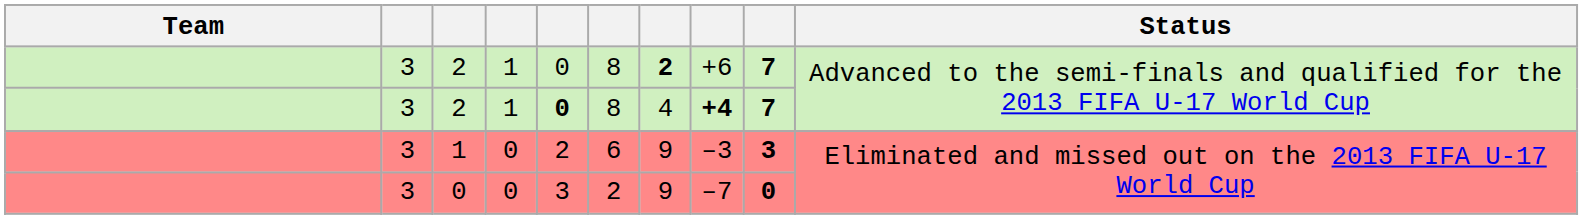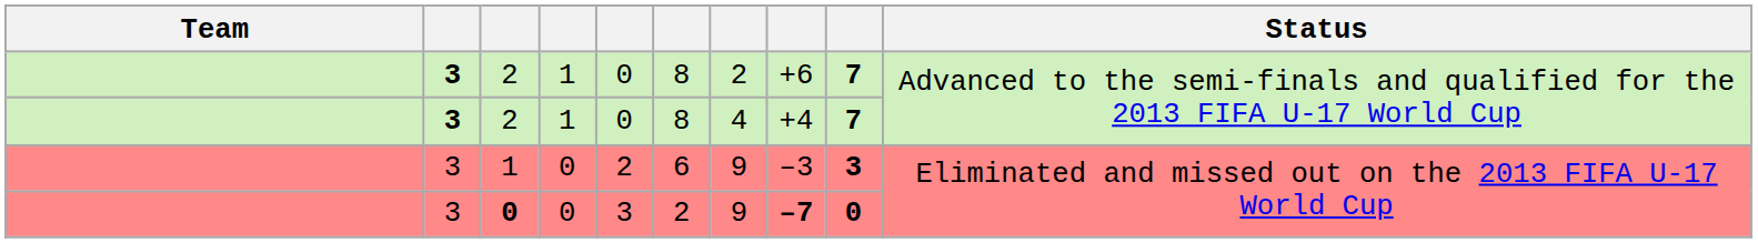 <table class="wikitable" style="text-align:center;">
 <tr>
 <th width=185>Team</th>
 <th width=20></th>
 <th width=20></th>
 <th width=20></th>
 <th width=20></th>
 <th width=20></th>
 <th width=20></th>
 <th width=20></th>
 <th width=20></th>
 <th width=391>Status</th>
 </tr>
 <tr bgcolor="#D0F0C0">
 <td align="left"></td>
-<td>3</td>
+<td><strong>3</strong></td>
 <td>2</td>
 <td>1</td>
 <td>0</td>
 <td>8</td>
-<td><strong>2</strong></td>
+<td>2</td>
 <td>+6</td>
 <td><strong>7</strong></td>
 <td rowspan=2>Advanced to the semi-finals and qualified for the <a href='#'>2013 FIFA U-17 World Cup</a></td>
 </tr>
 <tr bgcolor="#D0F0C0">
 <td align="left"></td>
-<td>3</td>
+<td><strong>3</strong></td>
 <td>2</td>
 <td>1</td>
-<td><strong>0</strong></td>
+<td>0</td>
 <td>8</td>
 <td>4</td>
-<td><strong>+4</strong></td>
+<td>+4</td>
 <td><strong>7</strong></td>
 </tr>
 <tr bgcolor=#FF8888>
 <td align="left"></td>
 <td>3</td>
 <td>1</td>
 <td>0</td>
 <td>2</td>
 <td>6</td>
 <td>9</td>
 <td>–3</td>
 <td><strong>3</strong></td>
 <td rowspan=2>Eliminated and missed out on the <a href='#'>2013 FIFA U-17 World Cup</a></td>
 </tr>
 <tr bgcolor=#FF8888>
 <td align="left"></td>
 <td>3</td>
-<td>0</td>
+<td><strong>0</strong></td>
 <td>0</td>
 <td>3</td>
 <td>2</td>
 <td>9</td>
-<td>–7</td>
+<td><strong>–7</strong></td>
 <td><strong>0</strong></td>
 </tr>
 </table>
